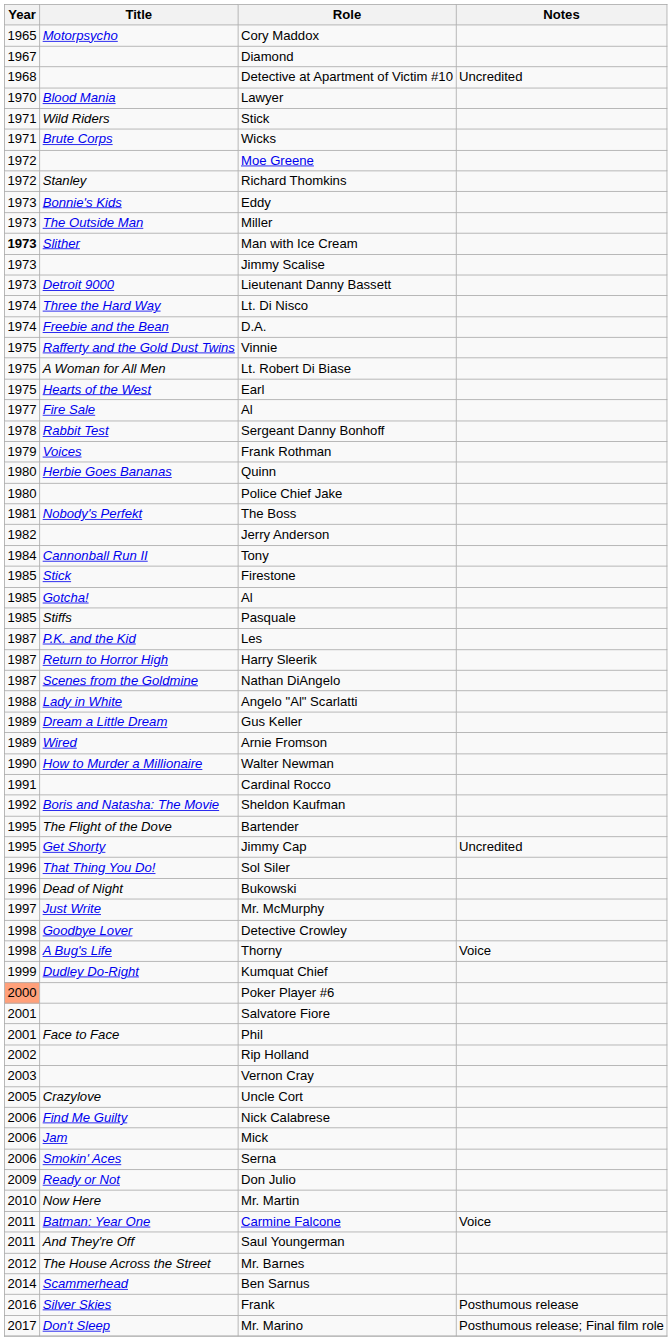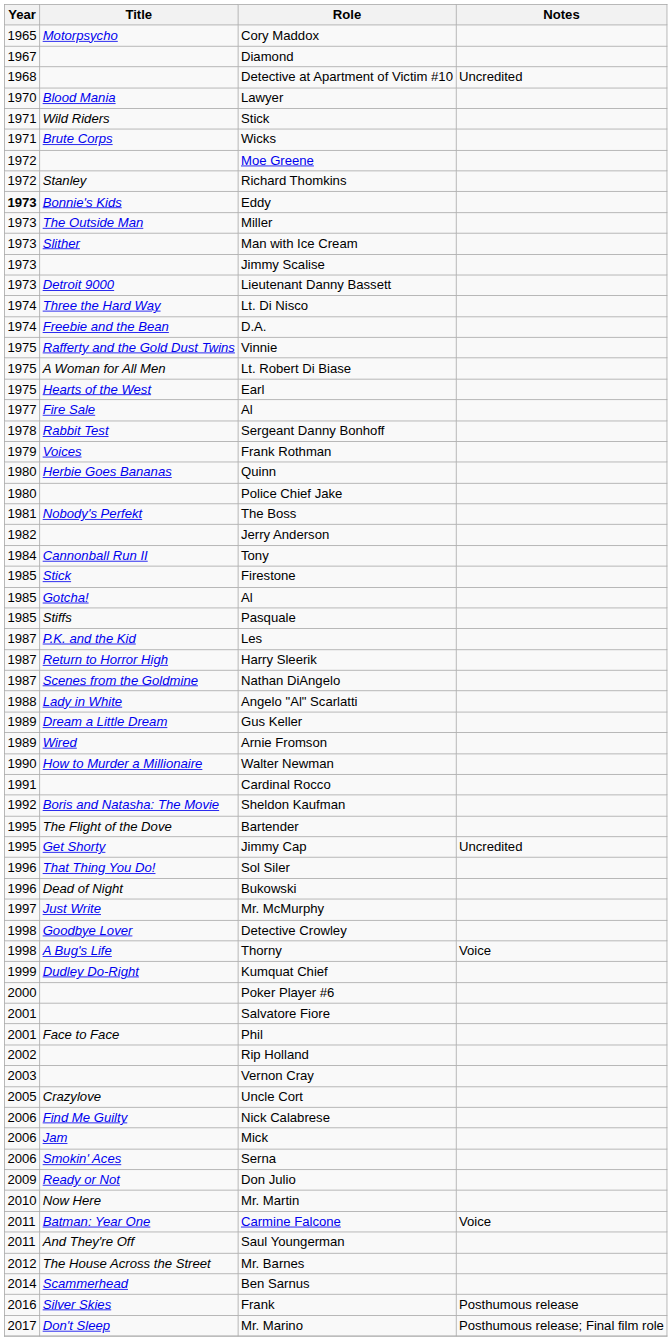 <table class="wikitable sortable">
 <tr>
 <th>Year</th>
 <th>Title</th>
 <th>Role</th>
 <th>Notes</th>
 </tr>
 <tr>
 <td>1965</td>
 <td><em><a href='#'>Motorpsycho</a></em></td>
 <td>Cory Maddox</td>
 <td></td>
 </tr>
 <tr>
 <td>1967</td>
 <td><em></em></td>
 <td>Diamond</td>
 <td></td>
 </tr>
 <tr>
 <td>1968</td>
 <td><em></em></td>
 <td>Detective at Apartment of Victim #10</td>
 <td>Uncredited</td>
 </tr>
 <tr>
 <td>1970</td>
 <td><em><a href='#'>Blood Mania</a></em></td>
 <td>Lawyer</td>
 <td></td>
 </tr>
 <tr>
 <td>1971</td>
 <td><em>Wild Riders</em></td>
 <td>Stick</td>
 <td></td>
 </tr>
 <tr>
 <td>1971</td>
 <td><em><a href='#'>Brute Corps</a></em></td>
 <td>Wicks</td>
 <td></td>
 </tr>
 <tr>
 <td>1972</td>
 <td><em></em></td>
 <td><a href='#'>Moe Greene</a></td>
 <td></td>
 </tr>
 <tr>
 <td>1972</td>
 <td><em>Stanley</em></td>
 <td>Richard Thomkins</td>
 <td></td>
 </tr>
 <tr>
-<td>1973</td>
+<td><strong>1973</strong></td>
 <td><em><a href='#'>Bonnie's Kids</a></em></td>
 <td>Eddy</td>
 <td></td>
 </tr>
 <tr>
 <td>1973</td>
 <td><em><a href='#'>The Outside Man</a></em></td>
 <td>Miller</td>
 <td></td>
 </tr>
 <tr>
-<td><strong>1973</strong></td>
+<td>1973</td>
 <td><em><a href='#'>Slither</a></em></td>
 <td>Man with Ice Cream</td>
 <td></td>
 </tr>
 <tr>
 <td>1973</td>
 <td><em></em></td>
 <td>Jimmy Scalise</td>
 <td></td>
 </tr>
 <tr>
 <td>1973</td>
 <td><em><a href='#'>Detroit 9000</a></em></td>
 <td>Lieutenant Danny Bassett</td>
 <td></td>
 </tr>
 <tr>
 <td>1974</td>
 <td><em><a href='#'>Three the Hard Way</a></em></td>
 <td>Lt. Di Nisco</td>
 <td></td>
 </tr>
 <tr>
 <td>1974</td>
 <td><em><a href='#'>Freebie and the Bean</a></em></td>
 <td>D.A.</td>
 <td></td>
 </tr>
 <tr>
 <td>1975</td>
 <td><em><a href='#'>Rafferty and the Gold Dust Twins</a></em></td>
 <td>Vinnie</td>
 <td></td>
 </tr>
 <tr>
 <td>1975</td>
 <td><em>A Woman for All Men</em></td>
 <td>Lt. Robert Di Biase</td>
 <td></td>
 </tr>
 <tr>
 <td>1975</td>
 <td><em><a href='#'>Hearts of the West</a></em></td>
 <td>Earl</td>
 <td></td>
 </tr>
 <tr>
 <td>1977</td>
 <td><em><a href='#'>Fire Sale</a></em></td>
 <td>Al</td>
 <td></td>
 </tr>
 <tr>
 <td>1978</td>
 <td><em><a href='#'>Rabbit Test</a></em></td>
 <td>Sergeant Danny Bonhoff</td>
 <td></td>
 </tr>
 <tr>
 <td>1979</td>
 <td><em><a href='#'>Voices</a></em></td>
 <td>Frank Rothman</td>
 <td></td>
 </tr>
 <tr>
 <td>1980</td>
 <td><em><a href='#'>Herbie Goes Bananas</a></em></td>
 <td>Quinn</td>
 <td></td>
 </tr>
 <tr>
 <td>1980</td>
 <td><em></em></td>
 <td>Police Chief Jake</td>
 <td></td>
 </tr>
 <tr>
 <td>1981</td>
 <td><em><a href='#'>Nobody's Perfekt</a></em></td>
 <td>The Boss</td>
 <td></td>
 </tr>
 <tr>
 <td>1982</td>
 <td><em></em></td>
 <td>Jerry Anderson</td>
 <td></td>
 </tr>
 <tr>
 <td>1984</td>
 <td><em><a href='#'>Cannonball Run II</a></em></td>
 <td>Tony</td>
 <td></td>
 </tr>
 <tr>
 <td>1985</td>
 <td><em><a href='#'>Stick</a></em></td>
 <td>Firestone</td>
 <td></td>
 </tr>
 <tr>
 <td>1985</td>
 <td><em><a href='#'>Gotcha!</a></em></td>
 <td>Al</td>
 <td></td>
 </tr>
 <tr>
 <td>1985</td>
 <td><em>Stiffs</em></td>
 <td>Pasquale</td>
 <td></td>
 </tr>
 <tr>
 <td>1987</td>
 <td><em><a href='#'>P.K. and the Kid</a></em></td>
 <td>Les</td>
 <td></td>
 </tr>
 <tr>
 <td>1987</td>
 <td><em><a href='#'>Return to Horror High</a></em></td>
 <td>Harry Sleerik</td>
 <td></td>
 </tr>
 <tr>
 <td>1987</td>
 <td><em><a href='#'>Scenes from the Goldmine</a></em></td>
 <td>Nathan DiAngelo</td>
 <td></td>
 </tr>
 <tr>
 <td>1988</td>
 <td><em><a href='#'>Lady in White</a></em></td>
 <td>Angelo "Al" Scarlatti</td>
 <td></td>
 </tr>
 <tr>
 <td>1989</td>
 <td><em><a href='#'>Dream a Little Dream</a></em></td>
 <td>Gus Keller</td>
 <td></td>
 </tr>
 <tr>
 <td>1989</td>
 <td><em><a href='#'>Wired</a></em></td>
 <td>Arnie Fromson</td>
 <td></td>
 </tr>
 <tr>
 <td>1990</td>
 <td><em><a href='#'>How to Murder a Millionaire</a></em></td>
 <td>Walter Newman</td>
 <td></td>
 </tr>
 <tr>
 <td>1991</td>
 <td><em></em></td>
 <td>Cardinal Rocco</td>
 <td></td>
 </tr>
 <tr>
 <td>1992</td>
 <td><em><a href='#'>Boris and Natasha: The Movie</a></em></td>
 <td>Sheldon Kaufman</td>
 <td></td>
 </tr>
 <tr>
 <td>1995</td>
 <td><em>The Flight of the Dove</em></td>
 <td>Bartender</td>
 <td></td>
 </tr>
 <tr>
 <td>1995</td>
 <td><em><a href='#'>Get Shorty</a></em></td>
 <td>Jimmy Cap</td>
 <td>Uncredited</td>
 </tr>
 <tr>
 <td>1996</td>
 <td><em><a href='#'>That Thing You Do!</a></em></td>
 <td>Sol Siler</td>
 <td></td>
 </tr>
 <tr>
 <td>1996</td>
 <td><em>Dead of Night</em></td>
 <td>Bukowski</td>
 <td></td>
 </tr>
 <tr>
 <td>1997</td>
 <td><em><a href='#'>Just Write</a></em></td>
 <td>Mr. McMurphy</td>
 <td></td>
 </tr>
 <tr>
 <td>1998</td>
 <td><em><a href='#'>Goodbye Lover</a></em></td>
 <td>Detective Crowley</td>
 <td></td>
 </tr>
 <tr>
 <td>1998</td>
 <td><em><a href='#'>A Bug's Life</a></em></td>
 <td>Thorny</td>
 <td>Voice</td>
 </tr>
 <tr>
 <td>1999</td>
 <td><em><a href='#'>Dudley Do-Right</a></em></td>
 <td>Kumquat Chief</td>
 <td></td>
 </tr>
 <tr>
-<td style="background: lightsalmon;">2000</td>
+<td>2000</td>
 <td><em></em></td>
 <td>Poker Player #6</td>
 <td></td>
 </tr>
 <tr>
 <td>2001</td>
 <td><em></em></td>
 <td>Salvatore Fiore</td>
 <td></td>
 </tr>
 <tr>
 <td>2001</td>
 <td><em>Face to Face</em></td>
 <td>Phil</td>
 <td></td>
 </tr>
 <tr>
 <td>2002</td>
 <td><em></em></td>
 <td>Rip Holland</td>
 <td></td>
 </tr>
 <tr>
 <td>2003</td>
 <td><em></em></td>
 <td>Vernon Cray</td>
 <td></td>
 </tr>
 <tr>
 <td>2005</td>
 <td><em>Crazylove</em></td>
 <td>Uncle Cort</td>
 <td></td>
 </tr>
 <tr>
 <td>2006</td>
 <td><em><a href='#'>Find Me Guilty</a></em></td>
 <td>Nick Calabrese</td>
 <td></td>
 </tr>
 <tr>
 <td>2006</td>
 <td><em><a href='#'>Jam</a></em></td>
 <td>Mick</td>
 <td></td>
 </tr>
 <tr>
 <td>2006</td>
 <td><em><a href='#'>Smokin' Aces</a></em></td>
 <td>Serna</td>
 <td></td>
 </tr>
 <tr>
 <td>2009</td>
 <td><em><a href='#'>Ready or Not</a></em></td>
 <td>Don Julio</td>
 <td></td>
 </tr>
 <tr>
 <td>2010</td>
 <td><em>Now Here</em></td>
 <td>Mr. Martin</td>
 <td></td>
 </tr>
 <tr>
 <td>2011</td>
 <td><em><a href='#'>Batman: Year One</a></em></td>
 <td><a href='#'>Carmine Falcone</a></td>
 <td>Voice</td>
 </tr>
 <tr>
 <td>2011</td>
 <td><em>And They're Off</em></td>
 <td>Saul Youngerman</td>
 <td></td>
 </tr>
 <tr>
 <td>2012</td>
 <td><em>The House Across the Street</em></td>
 <td>Mr. Barnes</td>
 <td></td>
 </tr>
 <tr>
 <td>2014</td>
 <td><em><a href='#'>Scammerhead</a></em></td>
 <td>Ben Sarnus</td>
 <td></td>
 </tr>
 <tr>
 <td>2016</td>
 <td><em><a href='#'>Silver Skies</a></em></td>
 <td>Frank</td>
 <td>Posthumous release</td>
 </tr>
 <tr>
 <td>2017</td>
 <td><em><a href='#'>Don't Sleep</a></em></td>
 <td>Mr. Marino</td>
 <td>Posthumous release; Final film role</td>
 </tr>
 <tr>
 </tr>
 </table>
